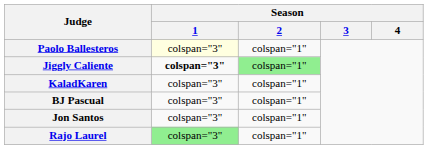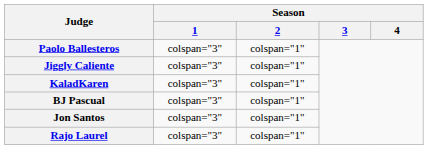 <table class="wikitable plainrowheaders" style="text-align:center">
 <tr>
 <th rowspan="2" style="width:20%;" scope="col">Judge</th>
 <th colspan="4">Season</th>
 </tr>
 <tr>
 <th style="width:7%;" scope="colspan"><a href='#'>1</a></th>
 <th style="width:7%;" scope="colspan"><a href='#'>2</a></th>
 <th style="width:7%;" scope="colspan"><a href='#'>3</a></th>
 <th style="width:7%;" scope="colspan">4</th>
 </tr>
 <tr>
 <th scope="row" style="text-align: center;"><a href='#'>Paolo Ballesteros</a></th>
-<td style="background: lightyellow;">colspan="3" </td>
+<td>colspan="3" </td>
 <td>colspan="1" </td>
 </tr>
 <tr>
 <th scope="row" style="text-align: center;"><a href='#'>Jiggly Caliente</a></th>
-<td><strong>colspan="3" </strong></td>
-<td style="background: lightgreen;">colspan="1" </td>
+<td>colspan="3" </td>
+<td>colspan="1" </td>
 </tr>
 <tr>
 <th scope="row" style="text-align: center;"><a href='#'>KaladKaren</a></th>
 <td>colspan="3" </td>
 <td>colspan="1" </td>
 </tr>
 <tr>
 <th scope="row" style="text-align: center;">BJ Pascual</th>
 <td>colspan="3" </td>
 <td>colspan="1" </td>
 </tr>
 <tr>
 <th scope="row" style="text-align: center;">Jon Santos</th>
 <td>colspan="3" </td>
 <td>colspan="1" </td>
 </tr>
 <tr>
 <th scope="row" style="text-align: center;"><a href='#'>Rajo Laurel</a></th>
-<td style="background: lightgreen;">colspan="3" </td>
+<td>colspan="3" </td>
 <td>colspan="1" </td>
 </tr>
 </table>
